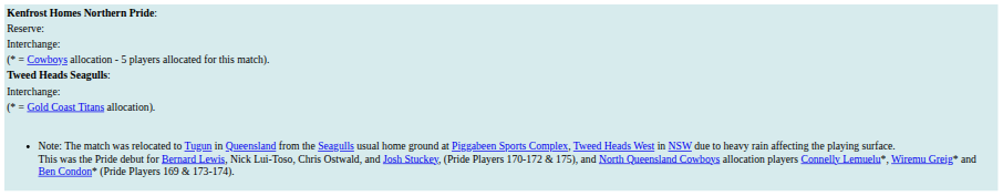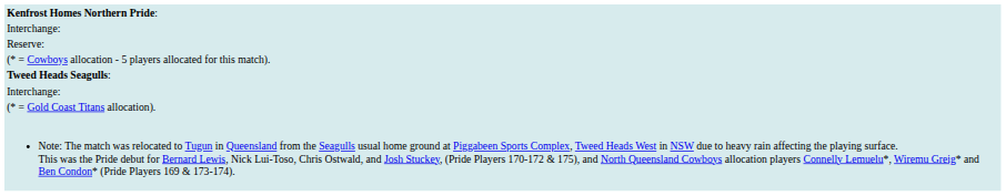 <table style="background:#d7ebed; font-size:85%; width:100%;">
 <tr>
 <td><strong>Kenfrost Homes Northern Pride</strong>:             </td>
 </tr>
 <tr>
-<td>Reserve:    </td>
+<td>Interchange:    </td>
 </tr>
 <tr>
-<td>Interchange:    </td>
+<td>Reserve:    </td>
 </tr>
 <tr>
 <td>(* = <a href='#'>Cowboys</a> allocation - 5 players allocated for this match).</td>
 </tr>
 <tr>
 <td><strong>Tweed Heads Seagulls</strong>:             </td>
 </tr>
 <tr>
 <td>Interchange:    </td>
 </tr>
 <tr>
 <td>(* = <a href='#'>Gold Coast Titans</a> allocation).</td>
 </tr>
 <tr>
 <td><br><ul><li>Note: The match was relocated to <a href='#'>Tugun</a> in <a href='#'>Queensland</a> from the <a href='#'>Seagulls</a> usual home ground at <a href='#'>Piggabeen Sports Complex</a>, <a href='#'>Tweed Heads West</a> in <a href='#'>NSW</a> due to heavy rain affecting the playing surface.<br>This was the Pride debut for <a href='#'>Bernard Lewis</a>, Nick Lui-Toso, Chris Ostwald, and <a href='#'>Josh Stuckey</a>, (Pride Players 170-172 & 175), and <a href='#'>North Queensland Cowboys</a> allocation players <a href='#'>Connelly Lemuelu</a>*, <a href='#'>Wiremu Greig</a>* and <a href='#'>Ben Condon</a>* (Pride Players 169 & 173-174).</li></ul></td>
 </tr>
 </table>
